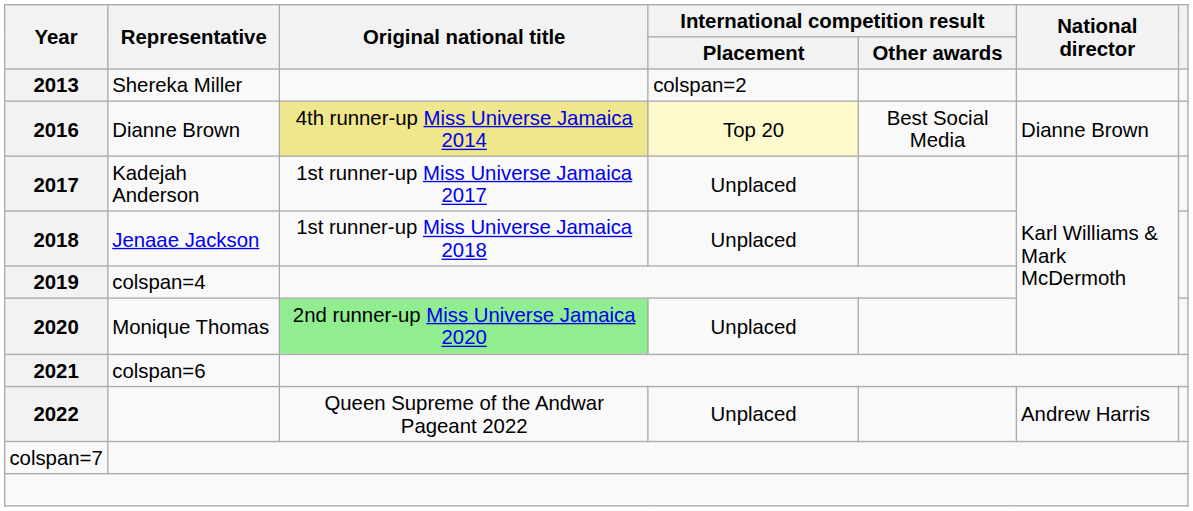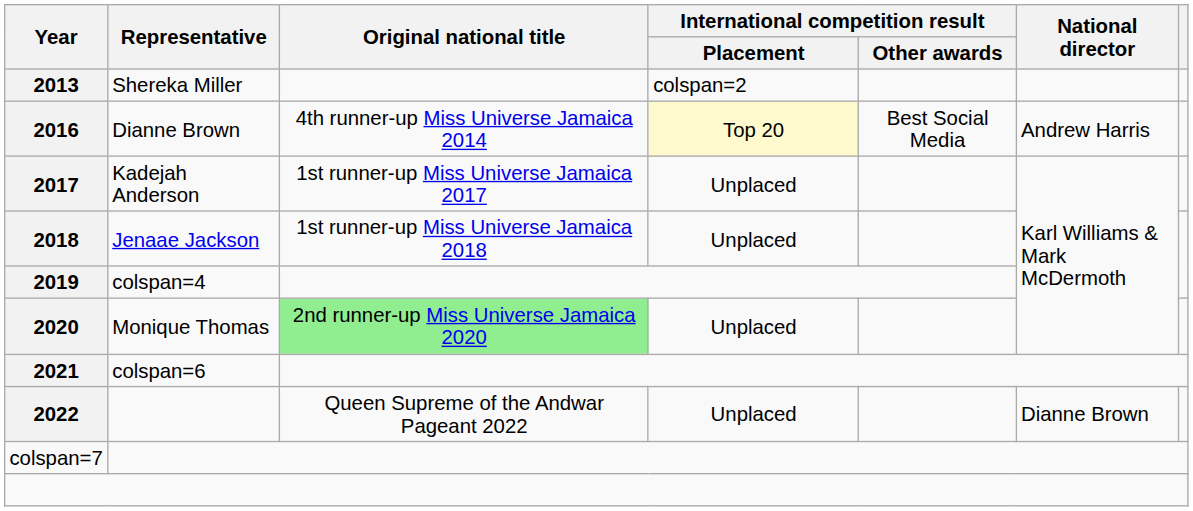 <table class="wikitable defaultcenter" style="font-size:95%; width:100%">
 <tr>
 <th rowspan=2>Year</th>
 <th rowspan=2>Representative</th>
 <th rowspan=2>Original national title</th>
 <th colspan=2>International competition result</th>
 <th rowspan=2>National director</th>
 <th rowspan=2></th>
 </tr>
 <tr>
 <th width=150px>Placement</th>
 <th>Other awards</th>
 </tr>
 <tr>
 <th>2013</th>
 <td>Shereka Miller</td>
 <td></td>
 <td>colspan=2 </td>
 <td></td>
 <td align=center></td>
 </tr>
 <tr>
 <th>2016</th>
 <td>Dianne Brown</td>
-<td align=center style="background: khaki;">4th runner-up <a href='#'>Miss Universe Jamaica 2014</a></td>
+<td align=center>4th runner-up <a href='#'>Miss Universe Jamaica 2014</a></td>
 <td align=center bgcolor=#FFFACD>Top 20</td>
 <td align=center>Best Social Media</td>
-<td>Dianne Brown</td>
+<td>Andrew Harris</td>
 <td align=center></td>
 </tr>
 <tr>
 <th>2017</th>
 <td>Kadejah Anderson</td>
 <td align=center>1st runner-up <a href='#'>Miss Universe Jamaica 2017</a></td>
 <td align=center>Unplaced</td>
 <td></td>
 <td rowspan=4>Karl Williams &<br>Mark McDermoth</td>
 <td align=center></td>
 </tr>
 <tr>
 <th>2018</th>
 <td><a href='#'>Jenaae Jackson</a></td>
 <td align=center>1st runner-up <a href='#'>Miss Universe Jamaica 2018</a></td>
 <td align=center>Unplaced</td>
 <td></td>
 <td align=center rowspan=2></td>
 </tr>
 <tr>
 <th>2019</th>
 <td>colspan=4 </td>
 </tr>
 <tr>
 <th>2020</th>
 <td>Monique Thomas</td>
 <td align=center style="background: lightgreen;">2nd runner-up <a href='#'>Miss Universe Jamaica 2020</a></td>
 <td align=center>Unplaced</td>
 <td></td>
 <td align=center></td>
 </tr>
 <tr>
 <th>2021</th>
 <td>colspan=6 </td>
 </tr>
 <tr>
 <th>2022</th>
 <td></td>
 <td align=center>Queen Supreme of the Andwar Pageant 2022</td>
 <td align=center>Unplaced</td>
 <td></td>
-<td>Andrew Harris</td>
+<td>Dianne Brown</td>
 <td align=center></td>
 </tr>
 <tr>
 <td>colspan=7 </td>
 </tr>
 <tr>
 <td colspan="7"><br></td>
 </tr>
 </table>
